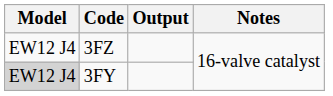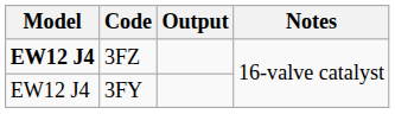 <table class="wikitable">
 <tr>
 <th>Model</th>
 <th>Code</th>
 <th>Output</th>
 <th>Notes</th>
 </tr>
 <tr>
-<td>EW12 J4</td>
+<td><strong>EW12 J4</strong></td>
 <td>3FZ</td>
 <td></td>
 <td rowspan=2>16-valve catalyst</td>
 </tr>
 <tr>
-<td style="background: lightgrey;">EW12 J4</td>
+<td>EW12 J4</td>
 <td>3FY</td>
 <td></td>
 </tr>
 </table>
